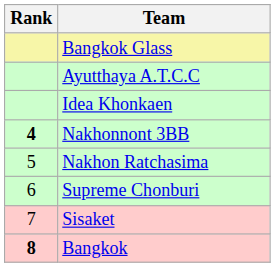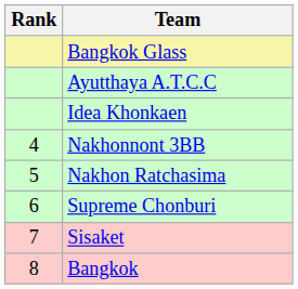 <table class="wikitable" style="text-align: center;">
 <tr>
 <th width=40>Rank</th>
 <th width=180>Team</th>
 </tr>
 <tr bgcolor=#F7f6a8>
 <td></td>
 <td align="left"><a href='#'>Bangkok Glass</a></td>
 </tr>
 <tr bgcolor=#CCFFCC>
 <td></td>
 <td align="left"><a href='#'>Ayutthaya A.T.C.C</a></td>
 </tr>
 <tr bgcolor=#CCFFCC>
 <td></td>
 <td align="left"><a href='#'>Idea Khonkaen</a></td>
 </tr>
 <tr bgcolor=#CCFFCC>
-<td><strong>4</strong></td>
+<td>4</td>
 <td align="left"><a href='#'>Nakhonnont 3BB</a></td>
 </tr>
 <tr bgcolor=#CCFFCC>
 <td>5</td>
 <td align="left"><a href='#'>Nakhon Ratchasima</a></td>
 </tr>
 <tr bgcolor=#CCFFCC>
 <td>6</td>
 <td align="left"><a href='#'>Supreme Chonburi</a></td>
 </tr>
 <tr bgcolor=#ffcccc>
 <td>7</td>
 <td align="left"><a href='#'>Sisaket</a></td>
 </tr>
 <tr bgcolor=#ffcccc>
-<td><strong>8</strong></td>
+<td>8</td>
 <td align="left"><a href='#'>Bangkok</a></td>
 </tr>
 </table>
